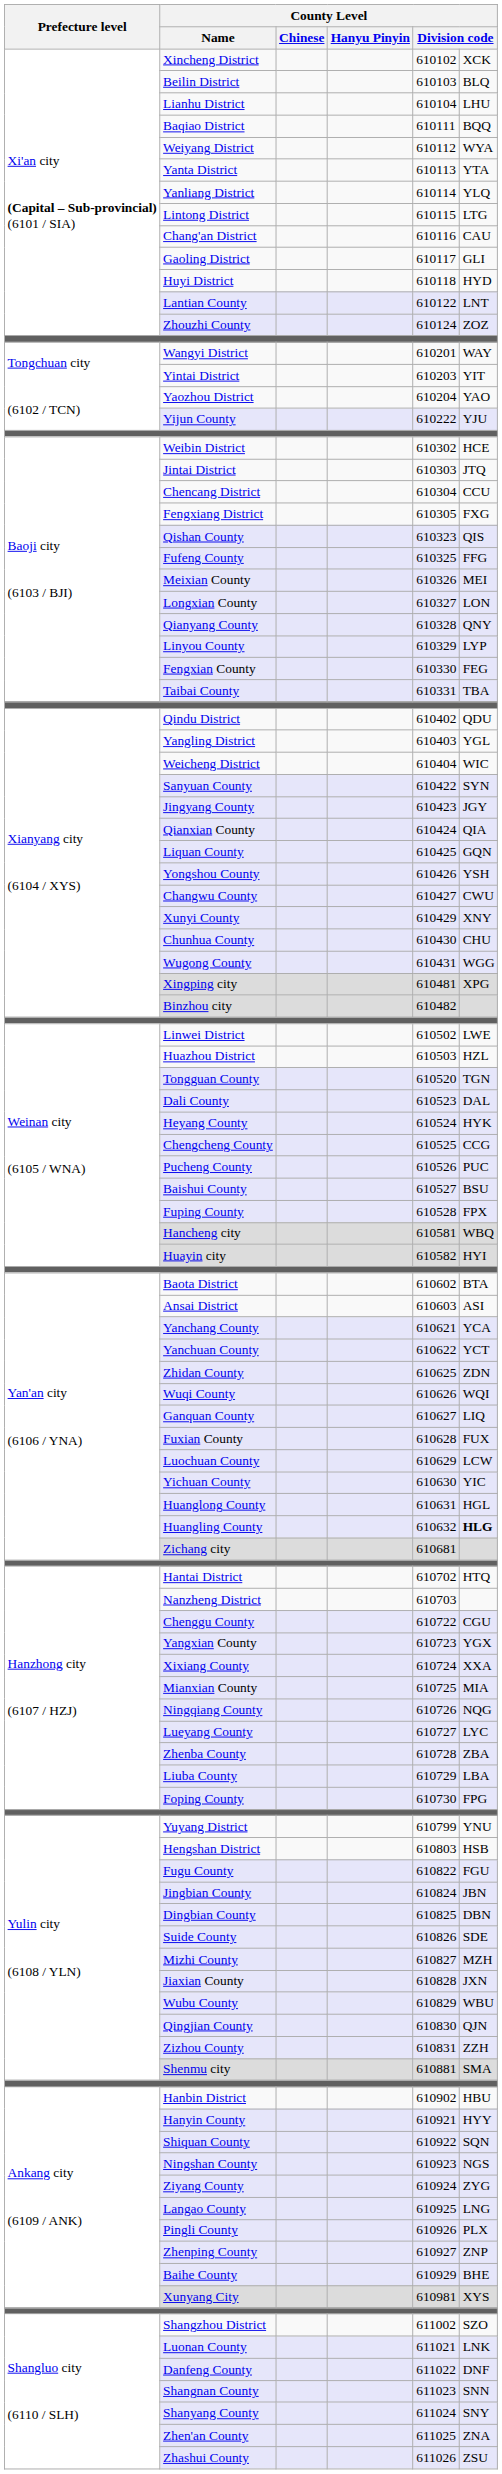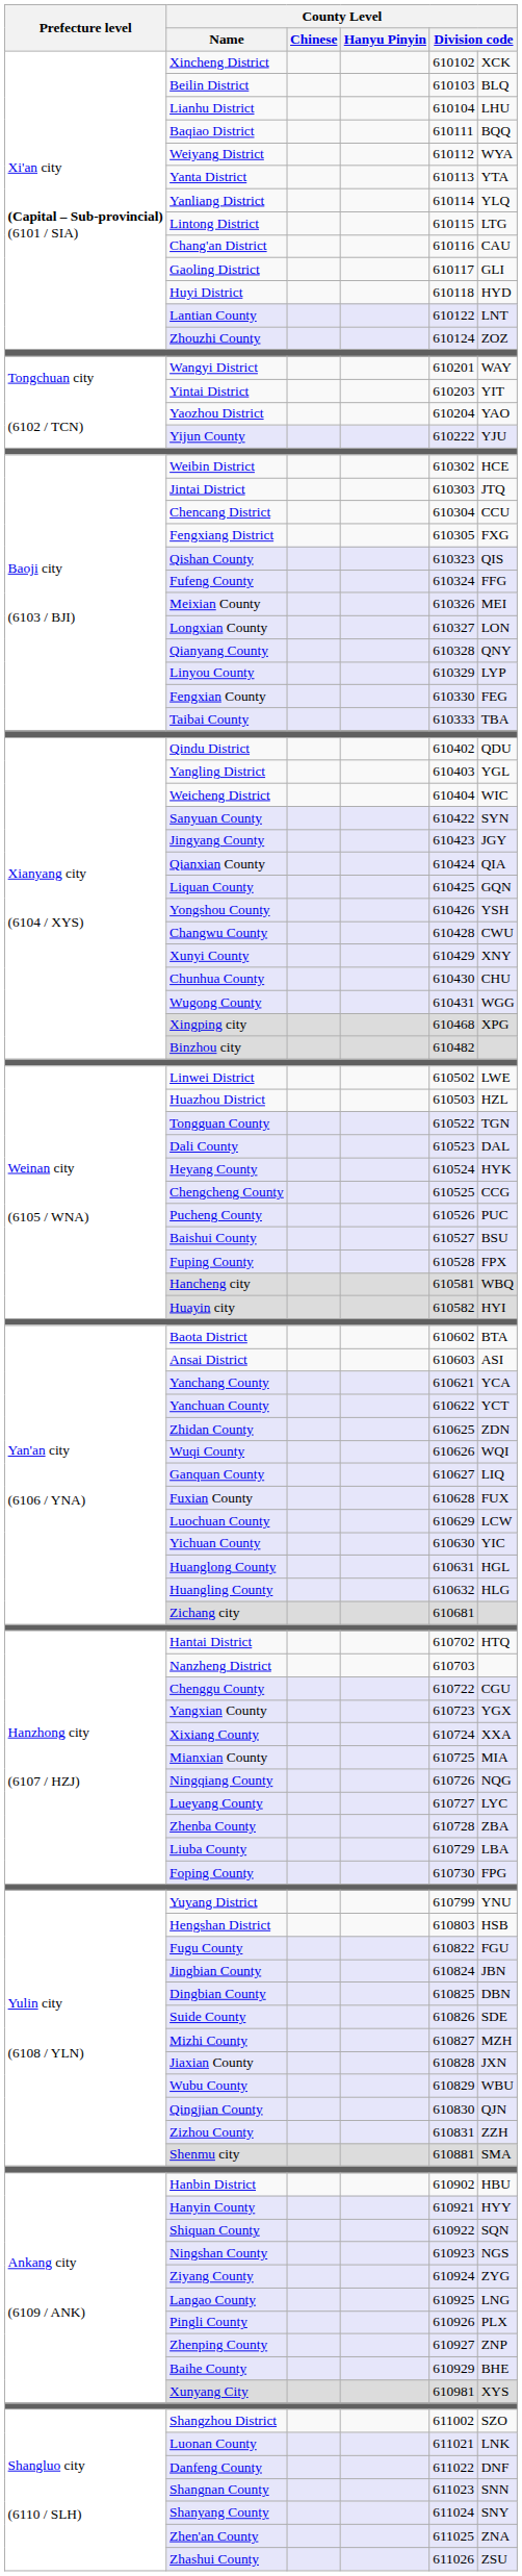 <table class="wikitable" style="padding: 24em 0; font-size: 90%;">
 <tr>
 <th rowspan="2">Prefecture level</th>
 <th colspan="5">County Level</th>
 </tr>
 <tr>
 <th>Name</th>
 <th><a href='#'>Chinese</a></th>
 <th><a href='#'>Hanyu Pinyin</a></th>
 <th colspan="2"><a href='#'>Division code</a></th>
 </tr>
 <tr>
 <td bgcolor="#FFFFFF" rowspan=13><a href='#'>Xi'an</a> city<br><br><br> <strong>(Capital – Sub-provincial)</strong><br>(6101 / SIA)</td>
 <td><a href='#'>Xincheng District</a></td>
 <td></td>
 <td></td>
 <td>610102</td>
 <td>XCK</td>
 </tr>
 <tr>
 <td><a href='#'>Beilin District</a></td>
 <td></td>
 <td></td>
 <td>610103</td>
 <td>BLQ</td>
 </tr>
 <tr>
 <td><a href='#'>Lianhu District</a></td>
 <td></td>
 <td></td>
 <td>610104</td>
 <td>LHU</td>
 </tr>
 <tr>
 <td><a href='#'>Baqiao District</a></td>
 <td></td>
 <td></td>
 <td>610111</td>
 <td>BQQ</td>
 </tr>
 <tr>
 <td><a href='#'>Weiyang District</a></td>
 <td></td>
 <td></td>
 <td>610112</td>
 <td>WYA</td>
 </tr>
 <tr>
 <td><a href='#'>Yanta District</a></td>
 <td></td>
 <td></td>
 <td>610113</td>
 <td>YTA</td>
 </tr>
 <tr>
 <td><a href='#'>Yanliang District</a></td>
 <td></td>
 <td></td>
 <td>610114</td>
 <td>YLQ</td>
 </tr>
 <tr>
 <td><a href='#'>Lintong District</a></td>
 <td></td>
 <td></td>
 <td>610115</td>
 <td>LTG</td>
 </tr>
 <tr>
 <td><a href='#'>Chang'an District</a></td>
 <td></td>
 <td></td>
 <td>610116</td>
 <td>CAU</td>
 </tr>
 <tr>
 <td><a href='#'>Gaoling District</a></td>
 <td></td>
 <td></td>
 <td>610117</td>
 <td>GLI</td>
 </tr>
 <tr>
 <td><a href='#'>Huyi District</a></td>
 <td></td>
 <td></td>
 <td>610118</td>
 <td>HYD</td>
 </tr>
 <tr bgcolor="#E6E6FA">
 <td><a href='#'>Lantian County</a></td>
 <td></td>
 <td></td>
 <td>610122</td>
 <td>LNT</td>
 </tr>
 <tr bgcolor="#E6E6FA">
 <td><a href='#'>Zhouzhi County</a></td>
 <td></td>
 <td></td>
 <td>610124</td>
 <td>ZOZ</td>
 </tr>
 <tr>
 </tr>
 <tr style = "background:#606060; height: 2pt">
 <td colspan = "6"></td>
 </tr>
 <tr>
 <td bgcolor="#FFFFFF" rowspan=4><a href='#'>Tongchuan</a> city<br><br><br>(6102 / TCN)</td>
 <td><a href='#'>Wangyi District</a></td>
 <td></td>
 <td></td>
 <td>610201</td>
 <td>WAY</td>
 </tr>
 <tr>
 <td><a href='#'>Yintai District</a></td>
 <td></td>
 <td></td>
 <td>610203</td>
 <td>YIT</td>
 </tr>
 <tr>
 <td><a href='#'>Yaozhou District</a></td>
 <td></td>
 <td></td>
 <td>610204</td>
 <td>YAO</td>
 </tr>
 <tr bgcolor="#E6E6FA">
 <td><a href='#'>Yijun County</a></td>
 <td></td>
 <td></td>
 <td>610222</td>
 <td>YJU</td>
 </tr>
 <tr>
 </tr>
 <tr style = "background:#606060; height: 2pt">
 <td colspan = "6"></td>
 </tr>
 <tr>
 <td bgcolor="#FFFFFF" rowspan=12><a href='#'>Baoji</a> city<br><br><br>(6103 / BJI)</td>
 <td><a href='#'>Weibin District</a></td>
 <td></td>
 <td></td>
 <td>610302</td>
 <td>HCE</td>
 </tr>
 <tr>
 <td><a href='#'>Jintai District</a></td>
 <td></td>
 <td></td>
 <td>610303</td>
 <td>JTQ</td>
 </tr>
 <tr>
 <td><a href='#'>Chencang District</a></td>
 <td></td>
 <td></td>
 <td>610304</td>
 <td>CCU</td>
 </tr>
 <tr>
 <td><a href='#'>Fengxiang District</a></td>
 <td></td>
 <td></td>
 <td>610305</td>
 <td>FXG</td>
 </tr>
 <tr bgcolor="#E6E6FA">
 <td><a href='#'>Qishan County</a></td>
 <td></td>
 <td></td>
 <td>610323</td>
 <td>QIS</td>
 </tr>
 <tr bgcolor="#E6E6FA">
 <td><a href='#'>Fufeng County</a></td>
 <td></td>
 <td></td>
-<td>610325</td>
+<td>610324</td>
 <td>FFG</td>
 </tr>
 <tr bgcolor="#E6E6FA">
 <td><a href='#'>Meixian</a> County</td>
 <td></td>
 <td></td>
 <td>610326</td>
 <td>MEI</td>
 </tr>
 <tr bgcolor="#E6E6FA">
 <td><a href='#'>Longxian</a> County</td>
 <td></td>
 <td></td>
 <td>610327</td>
 <td>LON</td>
 </tr>
 <tr bgcolor="#E6E6FA">
 <td><a href='#'>Qianyang County</a></td>
 <td></td>
 <td></td>
 <td>610328</td>
 <td>QNY</td>
 </tr>
 <tr bgcolor="#E6E6FA">
 <td><a href='#'>Linyou County</a></td>
 <td></td>
 <td></td>
 <td>610329</td>
 <td>LYP</td>
 </tr>
 <tr bgcolor="#E6E6FA">
 <td><a href='#'>Fengxian</a> County</td>
 <td></td>
 <td></td>
 <td>610330</td>
 <td>FEG</td>
 </tr>
 <tr bgcolor="#E6E6FA">
 <td><a href='#'>Taibai County</a></td>
 <td></td>
 <td></td>
-<td>610331</td>
+<td>610333</td>
 <td>TBA</td>
 </tr>
 <tr>
 </tr>
 <tr style = "background:#606060; height: 2pt">
 <td colspan = "6"></td>
 </tr>
 <tr>
 <td bgcolor="#FFFFFF" rowspan=14><a href='#'>Xianyang</a> city<br><br><br>(6104 / XYS)</td>
 <td><a href='#'>Qindu District</a></td>
 <td></td>
 <td></td>
 <td>610402</td>
 <td>QDU</td>
 </tr>
 <tr>
 <td><a href='#'>Yangling District</a></td>
 <td></td>
 <td></td>
 <td>610403</td>
 <td>YGL</td>
 </tr>
 <tr>
 <td><a href='#'>Weicheng District</a></td>
 <td></td>
 <td></td>
 <td>610404</td>
 <td>WIC</td>
 </tr>
 <tr bgcolor="#E6E6FA">
 <td><a href='#'>Sanyuan County</a></td>
 <td></td>
 <td></td>
 <td>610422</td>
 <td>SYN</td>
 </tr>
 <tr bgcolor="#E6E6FA">
 <td><a href='#'>Jingyang County</a></td>
 <td></td>
 <td></td>
 <td>610423</td>
 <td>JGY</td>
 </tr>
 <tr bgcolor="#E6E6FA">
 <td><a href='#'>Qianxian</a> County</td>
 <td></td>
 <td></td>
 <td>610424</td>
 <td>QIA</td>
 </tr>
 <tr bgcolor="#E6E6FA">
 <td><a href='#'>Liquan County</a></td>
 <td></td>
 <td></td>
 <td>610425</td>
 <td>GQN</td>
 </tr>
 <tr bgcolor="#E6E6FA">
 <td><a href='#'>Yongshou County</a></td>
 <td></td>
 <td></td>
 <td>610426</td>
 <td>YSH</td>
 </tr>
 <tr bgcolor="#E6E6FA">
 <td><a href='#'>Changwu County</a></td>
 <td></td>
 <td></td>
-<td>610427</td>
+<td>610428</td>
 <td>CWU</td>
 </tr>
 <tr bgcolor="#E6E6FA">
 <td><a href='#'>Xunyi County</a></td>
 <td></td>
 <td></td>
 <td>610429</td>
 <td>XNY</td>
 </tr>
 <tr bgcolor="#E6E6FA">
 <td><a href='#'>Chunhua County</a></td>
 <td></td>
 <td></td>
 <td>610430</td>
 <td>CHU</td>
 </tr>
 <tr bgcolor="#E6E6FA">
 <td><a href='#'>Wugong County</a></td>
 <td></td>
 <td></td>
 <td>610431</td>
 <td>WGG</td>
 </tr>
 <tr bgcolor="#DCDCDC">
 <td><a href='#'>Xingping</a> city</td>
 <td></td>
 <td></td>
-<td>610481</td>
+<td>610468</td>
 <td>XPG</td>
 </tr>
 <tr bgcolor="#DCDCDC">
 <td><a href='#'>Binzhou</a> city</td>
 <td></td>
 <td></td>
 <td>610482</td>
 <td></td>
 </tr>
 <tr>
 </tr>
 <tr style = "background:#606060; height: 2pt">
 <td colspan = "6"></td>
 </tr>
 <tr>
 <td bgcolor="#FFFFFF" rowspan=11><a href='#'>Weinan</a> city<br><br><br>(6105 / WNA)</td>
 <td><a href='#'>Linwei District</a></td>
 <td></td>
 <td></td>
 <td>610502</td>
 <td>LWE</td>
 </tr>
 <tr>
 <td><a href='#'>Huazhou District</a></td>
 <td></td>
 <td></td>
 <td>610503</td>
 <td>HZL</td>
 </tr>
 <tr bgcolor="#E6E6FA">
 <td><a href='#'>Tongguan County</a></td>
 <td></td>
 <td></td>
-<td>610520</td>
+<td>610522</td>
 <td>TGN</td>
 </tr>
 <tr bgcolor="#E6E6FA">
 <td><a href='#'>Dali County</a></td>
 <td></td>
 <td></td>
 <td>610523</td>
 <td>DAL</td>
 </tr>
 <tr bgcolor="#E6E6FA">
 <td><a href='#'>Heyang County</a></td>
 <td></td>
 <td></td>
 <td>610524</td>
 <td>HYK</td>
 </tr>
 <tr bgcolor="#E6E6FA">
 <td><a href='#'>Chengcheng County</a></td>
 <td></td>
 <td></td>
 <td>610525</td>
 <td>CCG</td>
 </tr>
 <tr bgcolor="#E6E6FA">
 <td><a href='#'>Pucheng County</a></td>
 <td></td>
 <td></td>
 <td>610526</td>
 <td>PUC</td>
 </tr>
 <tr bgcolor="#E6E6FA">
 <td><a href='#'>Baishui County</a></td>
 <td></td>
 <td></td>
 <td>610527</td>
 <td>BSU</td>
 </tr>
 <tr bgcolor="#E6E6FA">
 <td><a href='#'>Fuping County</a></td>
 <td></td>
 <td></td>
 <td>610528</td>
 <td>FPX</td>
 </tr>
 <tr bgcolor="#DCDCDC">
 <td><a href='#'>Hancheng</a> city</td>
 <td></td>
 <td></td>
 <td>610581</td>
 <td>WBQ</td>
 </tr>
 <tr bgcolor="#DCDCDC">
 <td><a href='#'>Huayin</a> city</td>
 <td></td>
 <td></td>
 <td>610582</td>
 <td>HYI</td>
 </tr>
 <tr>
 </tr>
 <tr style = "background:#606060; height: 2pt">
 <td colspan = "6"></td>
 </tr>
 <tr>
 <td bgcolor="#FFFFFF" rowspan=13><a href='#'>Yan'an</a> city<br><br><br>(6106 / YNA)</td>
 <td><a href='#'>Baota District</a></td>
 <td></td>
 <td></td>
 <td>610602</td>
 <td>BTA</td>
 </tr>
 <tr>
 <td><a href='#'>Ansai District</a></td>
 <td></td>
 <td></td>
 <td>610603</td>
 <td>ASI</td>
 </tr>
 <tr bgcolor="#E6E6FA">
 <td><a href='#'>Yanchang County</a></td>
 <td></td>
 <td></td>
 <td>610621</td>
 <td>YCA</td>
 </tr>
 <tr bgcolor="#E6E6FA">
 <td><a href='#'>Yanchuan County</a></td>
 <td></td>
 <td></td>
 <td>610622</td>
 <td>YCT</td>
 </tr>
 <tr bgcolor="#E6E6FA">
 <td><a href='#'>Zhidan County</a></td>
 <td></td>
 <td></td>
 <td>610625</td>
 <td>ZDN</td>
 </tr>
 <tr bgcolor="#E6E6FA">
 <td><a href='#'>Wuqi County</a></td>
 <td></td>
 <td></td>
 <td>610626</td>
 <td>WQI</td>
 </tr>
 <tr bgcolor="#E6E6FA">
 <td><a href='#'>Ganquan County</a></td>
 <td></td>
 <td></td>
 <td>610627</td>
 <td>LIQ</td>
 </tr>
 <tr bgcolor="#E6E6FA">
 <td><a href='#'>Fuxian</a> County</td>
 <td></td>
 <td></td>
 <td>610628</td>
 <td>FUX</td>
 </tr>
 <tr bgcolor="#E6E6FA">
 <td><a href='#'>Luochuan County</a></td>
 <td></td>
 <td></td>
 <td>610629</td>
 <td>LCW</td>
 </tr>
 <tr bgcolor="#E6E6FA">
 <td><a href='#'>Yichuan County</a></td>
 <td></td>
 <td></td>
 <td>610630</td>
 <td>YIC</td>
 </tr>
 <tr bgcolor="#E6E6FA">
 <td><a href='#'>Huanglong County</a></td>
 <td></td>
 <td></td>
 <td>610631</td>
 <td>HGL</td>
 </tr>
 <tr bgcolor="#E6E6FA">
 <td><a href='#'>Huangling County</a></td>
 <td></td>
 <td></td>
 <td>610632</td>
-<td><strong>HLG</strong></td>
+<td>HLG</td>
 </tr>
 <tr bgcolor="#DCDCDC">
 <td><a href='#'>Zichang</a> city</td>
 <td></td>
 <td></td>
 <td>610681</td>
 <td></td>
 </tr>
 <tr>
 </tr>
 <tr style = "background:#606060; height: 2pt">
 <td colspan = "6"></td>
 </tr>
 <tr>
 <td bgcolor="#FFFFFF" rowspan=11><a href='#'>Hanzhong</a> city<br><br><br>(6107 / HZJ)</td>
 <td><a href='#'>Hantai District</a></td>
 <td></td>
 <td></td>
 <td>610702</td>
 <td>HTQ</td>
 </tr>
 <tr>
 <td><a href='#'>Nanzheng District</a></td>
 <td></td>
 <td></td>
 <td>610703</td>
 <td></td>
 </tr>
 <tr bgcolor="#E6E6FA">
 <td><a href='#'>Chenggu County</a></td>
 <td></td>
 <td></td>
 <td>610722</td>
 <td>CGU</td>
 </tr>
 <tr bgcolor="#E6E6FA">
 <td><a href='#'>Yangxian</a> County</td>
 <td></td>
 <td></td>
 <td>610723</td>
 <td>YGX</td>
 </tr>
 <tr bgcolor="#E6E6FA">
 <td><a href='#'>Xixiang County</a></td>
 <td></td>
 <td></td>
 <td>610724</td>
 <td>XXA</td>
 </tr>
 <tr bgcolor="#E6E6FA">
 <td><a href='#'>Mianxian</a> County</td>
 <td></td>
 <td></td>
 <td>610725</td>
 <td>MIA</td>
 </tr>
 <tr bgcolor="#E6E6FA">
 <td><a href='#'>Ningqiang County</a></td>
 <td></td>
 <td></td>
 <td>610726</td>
 <td>NQG</td>
 </tr>
 <tr bgcolor="#E6E6FA">
 <td><a href='#'>Lueyang County</a></td>
 <td></td>
 <td></td>
 <td>610727</td>
 <td>LYC</td>
 </tr>
 <tr bgcolor="#E6E6FA">
 <td><a href='#'>Zhenba County</a></td>
 <td></td>
 <td></td>
 <td>610728</td>
 <td>ZBA</td>
 </tr>
 <tr bgcolor="#E6E6FA">
 <td><a href='#'>Liuba County</a></td>
 <td></td>
 <td></td>
 <td>610729</td>
 <td>LBA</td>
 </tr>
 <tr bgcolor="#E6E6FA">
 <td><a href='#'>Foping County</a></td>
 <td></td>
 <td></td>
 <td>610730</td>
 <td>FPG</td>
 </tr>
 <tr>
 </tr>
 <tr style = "background:#606060; height: 2pt">
 <td colspan = "6"></td>
 </tr>
 <tr>
 <td bgcolor="#FFFFFF" rowspan=12><a href='#'>Yulin</a> city<br><br><br>(6108 / YLN)</td>
 <td><a href='#'>Yuyang District</a></td>
 <td></td>
 <td></td>
 <td>610799</td>
 <td>YNU</td>
 </tr>
 <tr>
 <td><a href='#'>Hengshan District</a></td>
 <td></td>
 <td></td>
 <td>610803</td>
 <td>HSB</td>
 </tr>
 <tr bgcolor="#E6E6FA">
 <td><a href='#'>Fugu County</a></td>
 <td></td>
 <td></td>
 <td>610822</td>
 <td>FGU</td>
 </tr>
 <tr bgcolor="#E6E6FA">
 <td><a href='#'>Jingbian County</a></td>
 <td></td>
 <td></td>
 <td>610824</td>
 <td>JBN</td>
 </tr>
 <tr bgcolor="#E6E6FA">
 <td><a href='#'>Dingbian County</a></td>
 <td></td>
 <td></td>
 <td>610825</td>
 <td>DBN</td>
 </tr>
 <tr bgcolor="#E6E6FA">
 <td><a href='#'>Suide County</a></td>
 <td></td>
 <td></td>
 <td>610826</td>
 <td>SDE</td>
 </tr>
 <tr bgcolor="#E6E6FA">
 <td><a href='#'>Mizhi County</a></td>
 <td></td>
 <td></td>
 <td>610827</td>
 <td>MZH</td>
 </tr>
 <tr bgcolor="#E6E6FA">
 <td><a href='#'>Jiaxian</a> County</td>
 <td></td>
 <td></td>
 <td>610828</td>
 <td>JXN</td>
 </tr>
 <tr bgcolor="#E6E6FA">
 <td><a href='#'>Wubu County</a></td>
 <td></td>
 <td></td>
 <td>610829</td>
 <td>WBU</td>
 </tr>
 <tr bgcolor="#E6E6FA">
 <td><a href='#'>Qingjian County</a></td>
 <td></td>
 <td></td>
 <td>610830</td>
 <td>QJN</td>
 </tr>
 <tr bgcolor="#E6E6FA">
 <td><a href='#'>Zizhou County</a></td>
 <td></td>
 <td></td>
 <td>610831</td>
 <td>ZZH</td>
 </tr>
 <tr bgcolor="#DCDCDC">
 <td><a href='#'>Shenmu</a> city</td>
 <td></td>
 <td></td>
 <td>610881</td>
 <td>SMA</td>
 </tr>
 <tr>
 </tr>
 <tr style = "background:#606060; height: 2pt">
 <td colspan = "6"></td>
 </tr>
 <tr>
 <td bgcolor="#FFFFFF" rowspan=10><a href='#'>Ankang</a> city<br><br><br>(6109 / ANK)</td>
 <td><a href='#'>Hanbin District</a></td>
 <td></td>
 <td></td>
 <td>610902</td>
 <td>HBU</td>
 </tr>
 <tr bgcolor="#E6E6FA">
 <td><a href='#'>Hanyin County</a></td>
 <td></td>
 <td></td>
 <td>610921</td>
 <td>HYY</td>
 </tr>
 <tr bgcolor="#E6E6FA">
 <td><a href='#'>Shiquan County</a></td>
 <td></td>
 <td></td>
 <td>610922</td>
 <td>SQN</td>
 </tr>
 <tr bgcolor="#E6E6FA">
 <td><a href='#'>Ningshan County</a></td>
 <td></td>
 <td></td>
 <td>610923</td>
 <td>NGS</td>
 </tr>
 <tr bgcolor="#E6E6FA">
 <td><a href='#'>Ziyang County</a></td>
 <td></td>
 <td></td>
 <td>610924</td>
 <td>ZYG</td>
 </tr>
 <tr bgcolor="#E6E6FA">
 <td><a href='#'>Langao County</a></td>
 <td></td>
 <td></td>
 <td>610925</td>
 <td>LNG</td>
 </tr>
 <tr bgcolor="#E6E6FA">
 <td><a href='#'>Pingli County</a></td>
 <td></td>
 <td></td>
 <td>610926</td>
 <td>PLX</td>
 </tr>
 <tr bgcolor="#E6E6FA">
 <td><a href='#'>Zhenping County</a></td>
 <td></td>
 <td></td>
 <td>610927</td>
 <td>ZNP</td>
 </tr>
 <tr bgcolor="#E6E6FA">
 <td><a href='#'>Baihe County</a></td>
 <td></td>
 <td></td>
 <td>610929</td>
 <td>BHE</td>
 </tr>
 <tr bgcolor="#DCDCDC">
 <td><a href='#'>Xunyang City</a></td>
 <td></td>
 <td></td>
 <td>610981</td>
 <td>XYS</td>
 </tr>
 <tr>
 </tr>
 <tr style = "background:#606060; height: 2pt">
 <td colspan = "6"></td>
 </tr>
 <tr>
 <td bgcolor="#FFFFFF" rowspan=7><a href='#'>Shangluo</a> city<br><br><br>(6110 / SLH)</td>
 <td><a href='#'>Shangzhou District</a></td>
 <td></td>
 <td></td>
 <td>611002</td>
 <td>SZO</td>
 </tr>
 <tr bgcolor="#E6E6FA">
 <td><a href='#'>Luonan County</a></td>
 <td></td>
 <td></td>
 <td>611021</td>
 <td>LNK</td>
 </tr>
 <tr bgcolor="#E6E6FA">
 <td><a href='#'>Danfeng County</a></td>
 <td></td>
 <td></td>
 <td>611022</td>
 <td>DNF</td>
 </tr>
 <tr bgcolor="#E6E6FA">
 <td><a href='#'>Shangnan County</a></td>
 <td></td>
 <td></td>
 <td>611023</td>
 <td>SNN</td>
 </tr>
 <tr bgcolor="#E6E6FA">
 <td><a href='#'>Shanyang County</a></td>
 <td></td>
 <td></td>
 <td>611024</td>
 <td>SNY</td>
 </tr>
 <tr bgcolor="#E6E6FA">
 <td><a href='#'>Zhen'an County</a></td>
 <td></td>
 <td></td>
 <td>611025</td>
 <td>ZNA</td>
 </tr>
 <tr bgcolor="#E6E6FA">
 <td><a href='#'>Zhashui County</a></td>
 <td></td>
 <td></td>
 <td>611026</td>
 <td>ZSU</td>
 </tr>
 </table>
